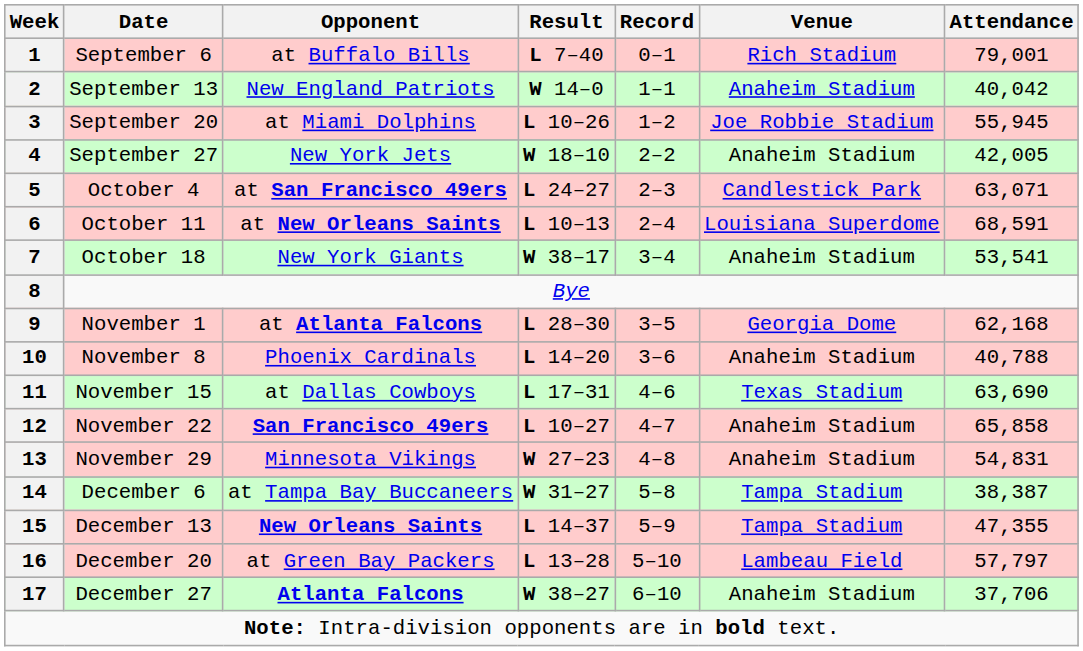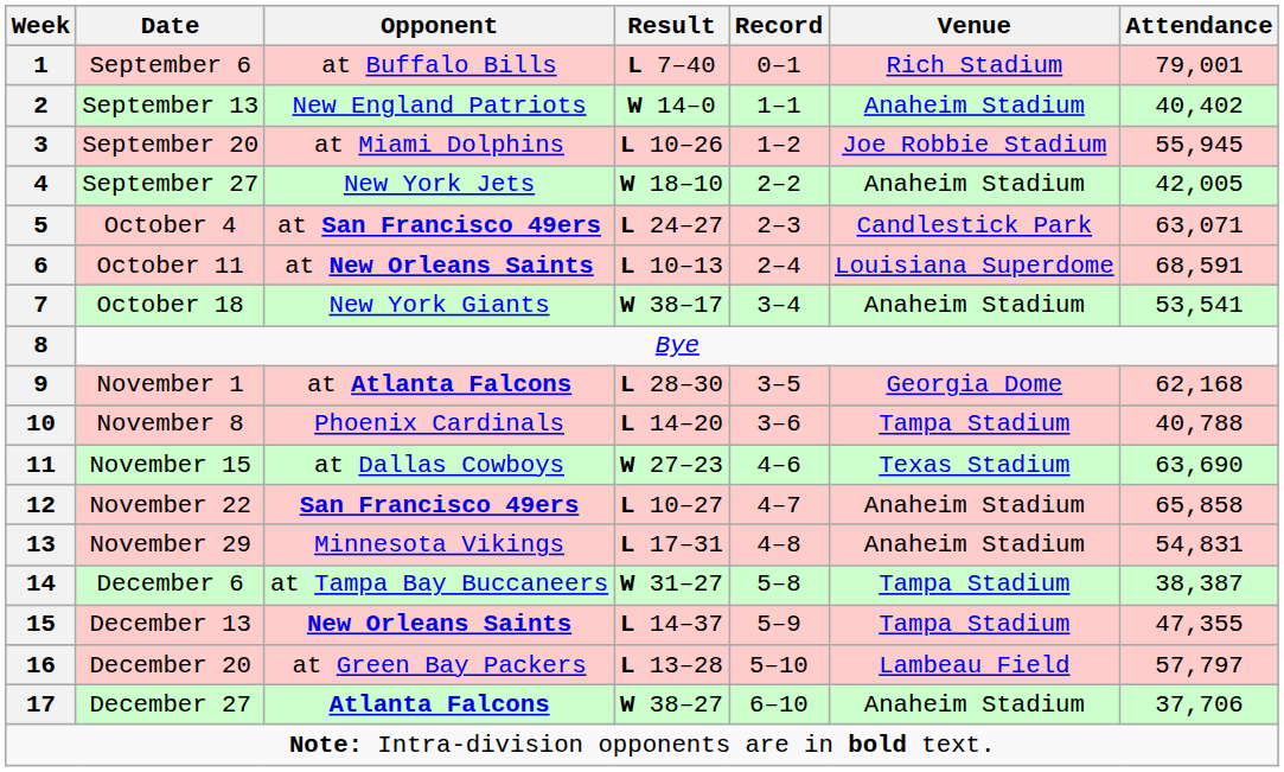 <table class="wikitable" style="text-align:center">
 <tr>
 <th>Week</th>
 <th>Date</th>
 <th>Opponent</th>
 <th>Result</th>
 <th>Record</th>
 <th>Venue</th>
 <th>Attendance</th>
 </tr>
 <tr style="background:#fcc">
 <th>1</th>
 <td>September 6</td>
 <td>at <a href='#'>Buffalo Bills</a></td>
 <td><strong>L</strong> 7–40</td>
 <td>0–1</td>
 <td><a href='#'>Rich Stadium</a></td>
 <td>79,001</td>
 </tr>
 <tr style="background:#cfc">
 <th>2</th>
 <td>September 13</td>
 <td><a href='#'>New England Patriots</a></td>
 <td><strong>W</strong> 14–0</td>
 <td>1–1</td>
 <td><a href='#'>Anaheim Stadium</a></td>
-<td>40,042</td>
+<td>40,402</td>
 </tr>
 <tr style="background:#fcc">
 <th>3</th>
 <td>September 20</td>
 <td>at <a href='#'>Miami Dolphins</a></td>
 <td><strong>L</strong> 10–26</td>
 <td>1–2</td>
 <td><a href='#'>Joe Robbie Stadium</a></td>
 <td>55,945</td>
 </tr>
 <tr style="background:#cfc">
 <th>4</th>
 <td>September 27</td>
 <td><a href='#'>New York Jets</a></td>
 <td><strong>W</strong> 18–10</td>
 <td>2–2</td>
 <td>Anaheim Stadium</td>
 <td>42,005</td>
 </tr>
 <tr style="background:#fcc">
 <th>5</th>
 <td>October 4</td>
 <td>at <strong><a href='#'>San Francisco 49ers</a></strong></td>
 <td><strong>L</strong> 24–27</td>
 <td>2–3</td>
 <td><a href='#'>Candlestick Park</a></td>
 <td>63,071</td>
 </tr>
 <tr style="background:#fcc">
 <th>6</th>
 <td>October 11</td>
 <td>at <strong><a href='#'>New Orleans Saints</a></strong></td>
 <td><strong>L</strong> 10–13</td>
 <td>2–4</td>
 <td><a href='#'>Louisiana Superdome</a></td>
 <td>68,591</td>
 </tr>
 <tr style="background:#cfc">
 <th>7</th>
 <td>October 18</td>
 <td><a href='#'>New York Giants</a></td>
 <td><strong>W</strong> 38–17</td>
 <td>3–4</td>
 <td>Anaheim Stadium</td>
 <td>53,541</td>
 </tr>
 <tr>
 <th>8</th>
 <td colspan="6"><em><a href='#'>Bye</a></em></td>
 </tr>
 <tr style="background:#fcc">
 <th>9</th>
 <td>November 1</td>
 <td>at <strong><a href='#'>Atlanta Falcons</a></strong></td>
 <td><strong>L</strong> 28–30</td>
 <td>3–5</td>
 <td><a href='#'>Georgia Dome</a></td>
 <td>62,168</td>
 </tr>
 <tr style="background:#fcc">
 <th>10</th>
 <td>November 8</td>
 <td><a href='#'>Phoenix Cardinals</a></td>
 <td><strong>L</strong> 14–20</td>
 <td>3–6</td>
-<td>Anaheim Stadium</td>
+<td><a href='#'>Tampa Stadium</a></td>
 <td>40,788</td>
 </tr>
 <tr style="background:#cfc">
 <th>11</th>
 <td>November 15</td>
 <td>at <a href='#'>Dallas Cowboys</a></td>
-<td><strong>L</strong> 17–31</td>
+<td><strong>W</strong> 27–23</td>
 <td>4–6</td>
 <td><a href='#'>Texas Stadium</a></td>
 <td>63,690</td>
 </tr>
 <tr style="background:#fcc">
 <th>12</th>
 <td>November 22</td>
 <td><strong><a href='#'>San Francisco 49ers</a></strong></td>
 <td><strong>L</strong> 10–27</td>
 <td>4–7</td>
 <td>Anaheim Stadium</td>
 <td>65,858</td>
 </tr>
 <tr style="background:#fcc">
 <th>13</th>
 <td>November 29</td>
 <td><a href='#'>Minnesota Vikings</a></td>
-<td><strong>W</strong> 27–23</td>
+<td><strong>L</strong> 17–31</td>
 <td>4–8</td>
 <td>Anaheim Stadium</td>
 <td>54,831</td>
 </tr>
 <tr style="background:#cfc">
 <th>14</th>
 <td>December 6</td>
 <td>at <a href='#'>Tampa Bay Buccaneers</a></td>
 <td><strong>W</strong> 31–27</td>
 <td>5–8</td>
 <td><a href='#'>Tampa Stadium</a></td>
 <td>38,387</td>
 </tr>
 <tr style="background:#fcc">
 <th>15</th>
 <td>December 13</td>
 <td><strong><a href='#'>New Orleans Saints</a></strong></td>
 <td><strong>L</strong> 14–37</td>
 <td>5–9</td>
 <td><a href='#'>Tampa Stadium</a></td>
 <td>47,355</td>
 </tr>
 <tr style="background:#fcc">
 <th>16</th>
 <td>December 20</td>
 <td>at <a href='#'>Green Bay Packers</a></td>
 <td><strong>L</strong> 13–28</td>
 <td>5–10</td>
 <td><a href='#'>Lambeau Field</a></td>
 <td>57,797</td>
 </tr>
 <tr style="background:#cfc">
 <th>17</th>
 <td>December 27</td>
 <td><strong><a href='#'>Atlanta Falcons</a></strong></td>
 <td><strong>W</strong> 38–27</td>
 <td>6–10</td>
 <td>Anaheim Stadium</td>
 <td>37,706</td>
 </tr>
 <tr>
 <td colspan="8"><strong>Note:</strong> Intra-division opponents are in <strong>bold</strong> text.</td>
 </tr>
 </table>
